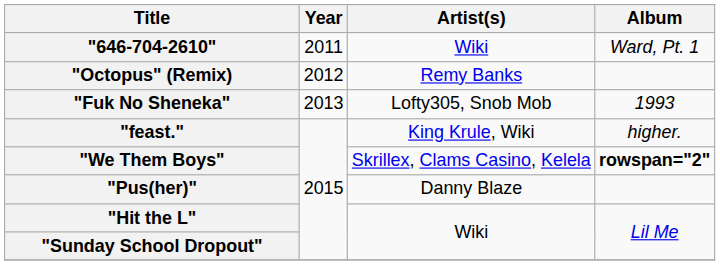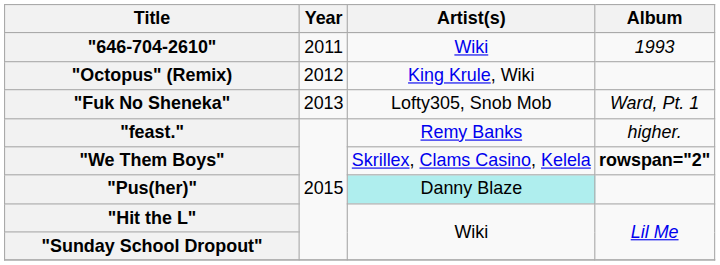 <table class="wikitable plainrowheaders" style="text-align:center;">
 <tr>
 <th scope="col" style="width:16em;">Title</th>
 <th scope="col">Year</th>
 <th scope="col">Artist(s)</th>
 <th scope="col">Album</th>
 </tr>
 <tr>
 <th scope="row">"646-704-2610"</th>
 <td>2011</td>
 <td><a href='#'>Wiki</a></td>
-<td><em>Ward, Pt. 1</em></td>
+<td><em>1993</em></td>
 </tr>
 <tr>
 <th scope="row">"Octopus" (Remix)</th>
 <td>2012</td>
-<td><a href='#'>Remy Banks</a></td>
+<td><a href='#'>King Krule</a>, Wiki</td>
 <td></td>
 </tr>
 <tr>
 <th scope="row">"Fuk No Sheneka"</th>
 <td>2013</td>
 <td>Lofty305, Snob Mob</td>
-<td><em>1993</em></td>
+<td><em>Ward, Pt. 1</em></td>
 </tr>
 <tr>
 <th scope="row">"feast."</th>
 <td rowspan="5">2015</td>
-<td><a href='#'>King Krule</a>, Wiki</td>
+<td><a href='#'>Remy Banks</a></td>
 <td><em>higher.</em></td>
 </tr>
 <tr>
 <th scope="row">"We Them Boys"</th>
 <td><a href='#'>Skrillex</a>, <a href='#'>Clams Casino</a>, <a href='#'>Kelela</a></td>
 <td><strong>rowspan="2" </strong></td>
 </tr>
 <tr>
 <th scope="row">"Pus(her)"</th>
-<td>Danny Blaze</td>
+<td style="background: paleturquoise;">Danny Blaze</td>
 </tr>
 <tr>
 <th scope="row">"Hit the L"</th>
 <td rowspan="2">Wiki</td>
 <td rowspan="2"><em><a href='#'>Lil Me</a></em></td>
 </tr>
 <tr>
 <th scope="row">"Sunday School Dropout"</th>
 </tr>
 <tr>
 </tr>
 </table>
